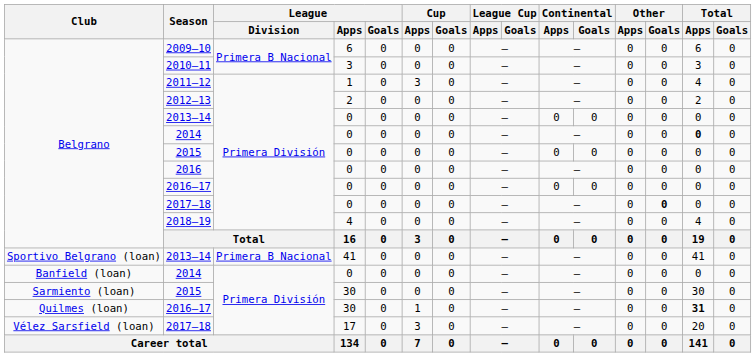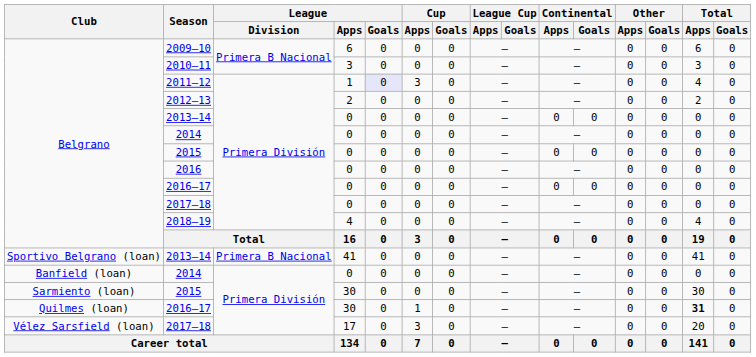 <table class="wikitable" style="text-align:center">
 <tr>
 <th rowspan="2">Club</th>
 <th rowspan="2">Season</th>
 <th colspan="3">League</th>
 <th colspan="2">Cup</th>
 <th colspan="2">League Cup</th>
 <th colspan="2">Continental</th>
 <th colspan="2">Other</th>
 <th colspan="2">Total</th>
 </tr>
 <tr>
 <th>Division</th>
 <th>Apps</th>
 <th>Goals</th>
 <th>Apps</th>
 <th>Goals</th>
 <th>Apps</th>
 <th>Goals</th>
 <th>Apps</th>
 <th>Goals</th>
 <th>Apps</th>
 <th>Goals</th>
 <th>Apps</th>
 <th>Goals</th>
 </tr>
 <tr>
 <td rowspan="12"><a href='#'>Belgrano</a></td>
 <td><a href='#'>2009–10</a></td>
 <td rowspan="2"><a href='#'>Primera B Nacional</a></td>
 <td>6</td>
 <td>0</td>
 <td>0</td>
 <td>0</td>
 <td colspan="2">—</td>
 <td colspan="2">—</td>
 <td>0</td>
 <td>0</td>
 <td>6</td>
 <td>0</td>
 </tr>
 <tr>
 <td><a href='#'>2010–11</a></td>
 <td>3</td>
 <td>0</td>
 <td>0</td>
 <td>0</td>
 <td colspan="2">—</td>
 <td colspan="2">—</td>
 <td>0</td>
 <td>0</td>
 <td>3</td>
 <td>0</td>
 </tr>
 <tr>
 <td><a href='#'>2011–12</a></td>
 <td rowspan="9"><a href='#'>Primera División</a></td>
 <td>1</td>
-<td>0</td>
+<td style="background: lavender;">0</td>
 <td>3</td>
 <td>0</td>
 <td colspan="2">—</td>
 <td colspan="2">—</td>
 <td>0</td>
 <td>0</td>
 <td>4</td>
 <td>0</td>
 </tr>
 <tr>
 <td><a href='#'>2012–13</a></td>
 <td>2</td>
 <td>0</td>
 <td>0</td>
 <td>0</td>
 <td colspan="2">—</td>
 <td colspan="2">—</td>
 <td>0</td>
 <td>0</td>
 <td>2</td>
 <td>0</td>
 </tr>
 <tr>
 <td><a href='#'>2013–14</a></td>
 <td>0</td>
 <td>0</td>
 <td>0</td>
 <td>0</td>
 <td colspan="2">—</td>
 <td>0</td>
 <td>0</td>
 <td>0</td>
 <td>0</td>
 <td>0</td>
 <td>0</td>
 </tr>
 <tr>
 <td><a href='#'>2014</a></td>
 <td>0</td>
 <td>0</td>
 <td>0</td>
 <td>0</td>
 <td colspan="2">—</td>
 <td colspan="2">—</td>
 <td>0</td>
 <td>0</td>
-<td><strong>0</strong></td>
+<td>0</td>
 <td>0</td>
 </tr>
 <tr>
 <td><a href='#'>2015</a></td>
 <td>0</td>
 <td>0</td>
 <td>0</td>
 <td>0</td>
 <td colspan="2">—</td>
 <td>0</td>
 <td>0</td>
 <td>0</td>
 <td>0</td>
 <td>0</td>
 <td>0</td>
 </tr>
 <tr>
 <td><a href='#'>2016</a></td>
 <td>0</td>
 <td>0</td>
 <td>0</td>
 <td>0</td>
 <td colspan="2">—</td>
 <td colspan="2">—</td>
 <td>0</td>
 <td>0</td>
 <td>0</td>
 <td>0</td>
 </tr>
 <tr>
 <td><a href='#'>2016–17</a></td>
 <td>0</td>
 <td>0</td>
 <td>0</td>
 <td>0</td>
 <td colspan="2">—</td>
 <td>0</td>
 <td>0</td>
 <td>0</td>
 <td>0</td>
 <td>0</td>
 <td>0</td>
 </tr>
 <tr>
 <td><a href='#'>2017–18</a></td>
 <td>0</td>
 <td>0</td>
 <td>0</td>
 <td>0</td>
 <td colspan="2">—</td>
 <td colspan="2">—</td>
 <td>0</td>
-<td><strong>0</strong></td>
+<td>0</td>
 <td>0</td>
 <td>0</td>
 </tr>
 <tr>
 <td><a href='#'>2018–19</a></td>
 <td>4</td>
 <td>0</td>
 <td>0</td>
 <td>0</td>
 <td colspan="2">—</td>
 <td colspan="2">—</td>
 <td>0</td>
 <td>0</td>
 <td>4</td>
 <td>0</td>
 </tr>
 <tr>
 <th colspan="2">Total</th>
 <th>16</th>
 <th>0</th>
 <th>3</th>
 <th>0</th>
 <th colspan="2">—</th>
 <th>0</th>
 <th>0</th>
 <th>0</th>
 <th>0</th>
 <th>19</th>
 <th>0</th>
 </tr>
 <tr>
 <td rowspan="1"><a href='#'>Sportivo Belgrano</a> (loan)</td>
 <td><a href='#'>2013–14</a></td>
 <td rowspan="1"><a href='#'>Primera B Nacional</a></td>
 <td>41</td>
 <td>0</td>
 <td>0</td>
 <td>0</td>
 <td colspan="2">—</td>
 <td colspan="2">—</td>
 <td>0</td>
 <td>0</td>
 <td>41</td>
 <td>0</td>
 </tr>
 <tr>
 <td rowspan="1"><a href='#'>Banfield</a> (loan)</td>
 <td><a href='#'>2014</a></td>
 <td rowspan="4"><a href='#'>Primera División</a></td>
 <td>0</td>
 <td>0</td>
 <td>0</td>
 <td>0</td>
 <td colspan="2">—</td>
 <td colspan="2">—</td>
 <td>0</td>
 <td>0</td>
 <td>0</td>
 <td>0</td>
 </tr>
 <tr>
 <td rowspan="1"><a href='#'>Sarmiento</a> (loan)</td>
 <td><a href='#'>2015</a></td>
 <td>30</td>
 <td>0</td>
 <td>0</td>
 <td>0</td>
 <td colspan="2">—</td>
 <td colspan="2">—</td>
 <td>0</td>
 <td>0</td>
 <td>30</td>
 <td>0</td>
 </tr>
 <tr>
 <td rowspan="1"><a href='#'>Quilmes</a> (loan)</td>
 <td><a href='#'>2016–17</a></td>
 <td>30</td>
 <td>0</td>
 <td>1</td>
 <td>0</td>
 <td colspan="2">—</td>
 <td colspan="2">—</td>
 <td>0</td>
 <td>0</td>
 <td><strong>31</strong></td>
 <td>0</td>
 </tr>
 <tr>
 <td rowspan="1"><a href='#'>Vélez Sarsfield</a> (loan)</td>
 <td><a href='#'>2017–18</a></td>
 <td>17</td>
 <td>0</td>
 <td>3</td>
 <td>0</td>
 <td colspan="2">—</td>
 <td colspan="2">—</td>
 <td>0</td>
 <td>0</td>
 <td>20</td>
 <td>0</td>
 </tr>
 <tr>
 <th colspan="3">Career total</th>
 <th>134</th>
 <th>0</th>
 <th>7</th>
 <th>0</th>
 <th colspan="2">—</th>
 <th>0</th>
 <th>0</th>
 <th>0</th>
 <th>0</th>
 <th>141</th>
 <th>0</th>
 </tr>
 </table>
